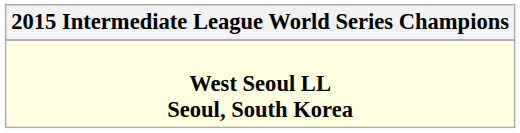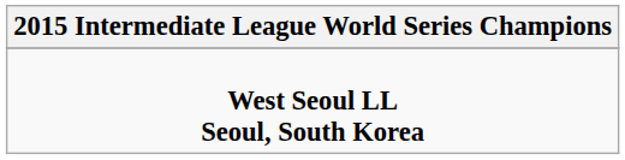 <table class="wikitable" style="text-align: center; margin: 0 auto;">
 <tr>
 <th>2015 Intermediate League World Series Champions</th>
 </tr>
 <tr>
 </tr>
 <tr>
-<td style="background: lightyellow;"><br><strong>West Seoul LL</strong><br><strong>Seoul, South Korea</strong></td>
+<td><br><strong>West Seoul LL</strong><br><strong>Seoul, South Korea</strong></td>
 </tr>
 </table>
